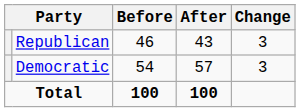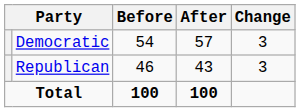 <table class="wikitable" style="text-align:center;">
 <tr>
 <th colspan="2">Party</th>
 <th>Before</th>
 <th>After</th>
 <th>Change</th>
 </tr>
 <tr>
 <th style="background-color:"></th>
-<td style="text-align:left;"><a href='#'>Republican</a></td>
-<td>46</td>
-<td>43</td>
+<td style="text-align:left;"><a href='#'>Democratic</a></td>
+<td>54</td>
+<td>57</td>
 <td> 3</td>
 </tr>
 <tr>
 <th style="background-color:"></th>
-<td style="text-align:left;"><a href='#'>Democratic</a></td>
-<td>54</td>
-<td>57</td>
+<td style="text-align:left;"><a href='#'>Republican</a></td>
+<td>46</td>
+<td>43</td>
 <td> 3</td>
 </tr>
 <tr>
 <td colspan="2"><strong>Total</strong></td>
 <td><strong>100</strong></td>
 <td><strong>100</strong></td>
 <td></td>
 </tr>
 </table>
